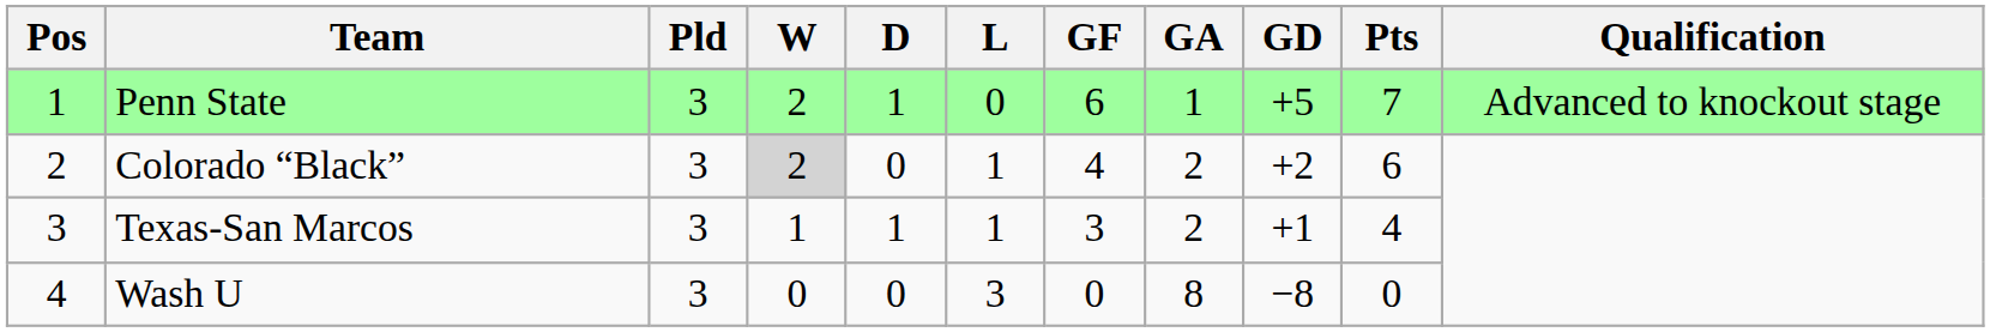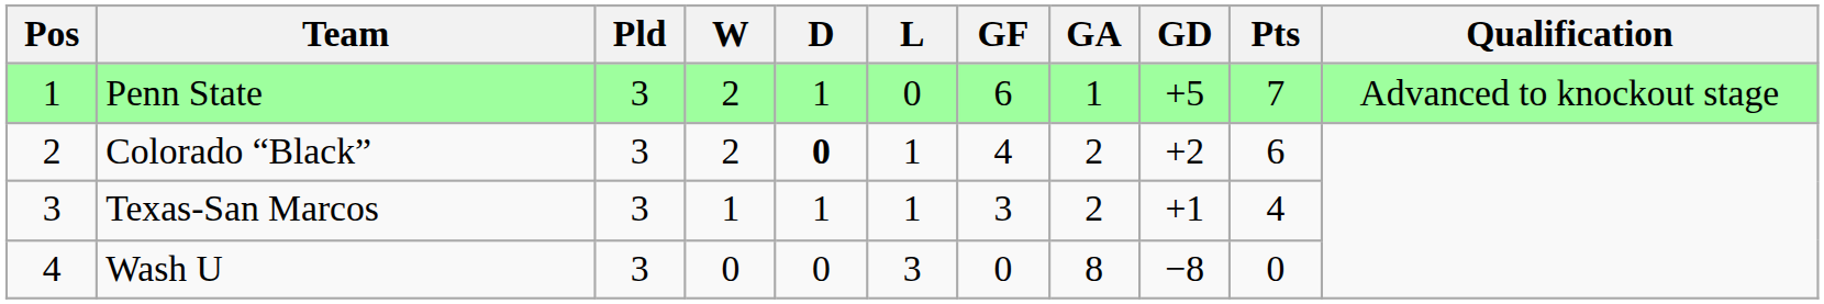 <table class="wikitable" style="text-align:center; margin: 1em auto">
 <tr>
 <th style="width:2em">Pos</th>
 <th style="width:13em">Team</th>
 <th style="width:2em">Pld</th>
 <th style="width:2em">W</th>
 <th style="width:2em">D</th>
 <th style="width:2em">L</th>
 <th style="width:2em">GF</th>
 <th style="width:2em">GA</th>
 <th style="width:2em">GD</th>
 <th style="width:2em">Pts</th>
 <th style="width:13em">Qualification</th>
 </tr>
 <tr bgcolor="#9eff9e">
 <td>1</td>
 <td style="text-align:left">Penn State</td>
 <td>3</td>
 <td>2</td>
 <td>1</td>
 <td>0</td>
 <td>6</td>
 <td>1</td>
 <td>+5</td>
 <td>7</td>
 <td>Advanced to knockout stage</td>
 </tr>
 <tr>
 <td>2</td>
 <td style="text-align:left">Colorado “Black”</td>
 <td>3</td>
-<td style="background: lightgrey;">2</td>
-<td>0</td>
+<td>2</td>
+<td><strong>0</strong></td>
 <td>1</td>
 <td>4</td>
 <td>2</td>
 <td>+2</td>
 <td>6</td>
 </tr>
 <tr>
 <td>3</td>
 <td style="text-align:left">Texas-San Marcos</td>
 <td>3</td>
 <td>1</td>
 <td>1</td>
 <td>1</td>
 <td>3</td>
 <td>2</td>
 <td>+1</td>
 <td>4</td>
 </tr>
 <tr>
 <td>4</td>
 <td style="text-align:left">Wash U</td>
 <td>3</td>
 <td>0</td>
 <td>0</td>
 <td>3</td>
 <td>0</td>
 <td>8</td>
 <td>−8</td>
 <td>0</td>
 </tr>
 </table>
